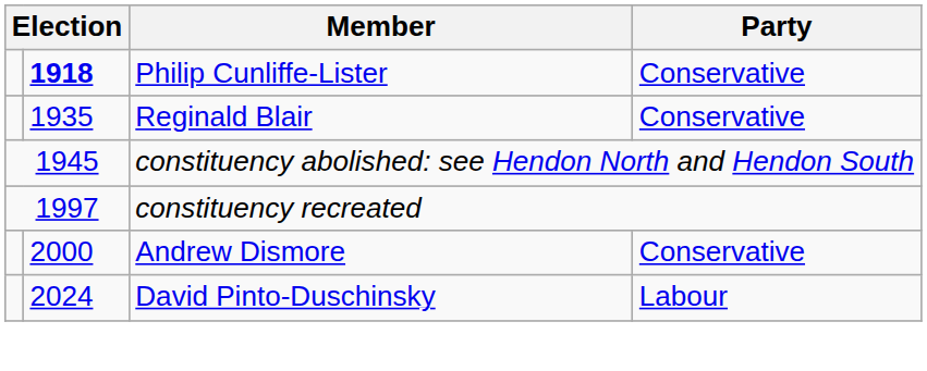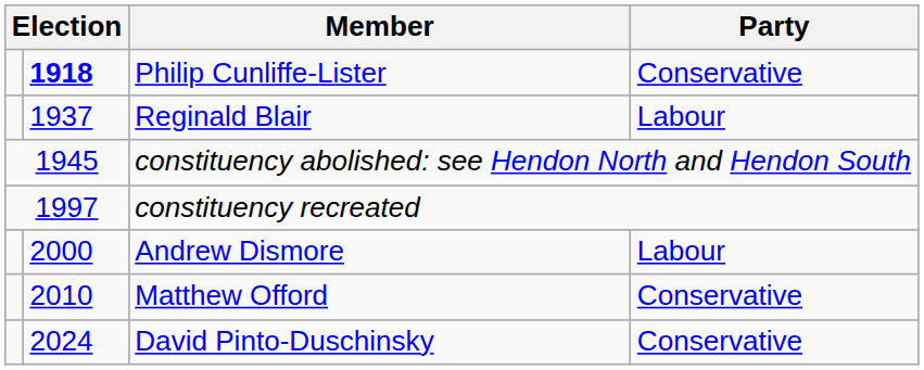 <table class="wikitable">
 <tr>
 <th colspan="2">Election</th>
 <th>Member</th>
 <th>Party</th>
 </tr>
 <tr>
 <td style="color:inherit;background-color: "></td>
 <td><strong><a href='#'>1918</a></strong></td>
 <td><a href='#'>Philip Cunliffe-Lister</a></td>
 <td><a href='#'>Conservative</a></td>
 </tr>
 <tr>
 <td style="color:inherit;background-color: "></td>
-<td><a href='#'>1935</a></td>
+<td><a href='#'>1937</a></td>
 <td><a href='#'>Reginald Blair</a></td>
-<td><a href='#'>Conservative</a></td>
+<td><a href='#'>Labour</a></td>
 </tr>
 <tr>
 <td colspan="2" align="center"><a href='#'>1945</a></td>
 <td colspan="2"><em>constituency abolished: see <a href='#'>Hendon North</a> and <a href='#'>Hendon South</a></em></td>
 </tr>
 <tr>
 <td colspan="2" align="center"><a href='#'>1997</a></td>
 <td colspan="2"><em>constituency recreated</em></td>
 </tr>
 <tr>
 <td style="color:inherit;background-color: "></td>
 <td><a href='#'>2000</a></td>
 <td><a href='#'>Andrew Dismore</a></td>
+<td><a href='#'>Labour</a></td>
+</tr>
+<tr>
+<td style="color:inherit;background-color: "></td>
+<td><a href='#'>2010</a></td>
+<td><a href='#'>Matthew Offord</a></td>
 <td><a href='#'>Conservative</a></td>
 </tr>
 <tr>
 <td style="color:inherit;background-color: "></td>
 <td><a href='#'>2024</a></td>
 <td><a href='#'>David Pinto-Duschinsky</a></td>
-<td><a href='#'>Labour</a></td>
+<td><a href='#'>Conservative</a></td>
 </tr>
 </table>
